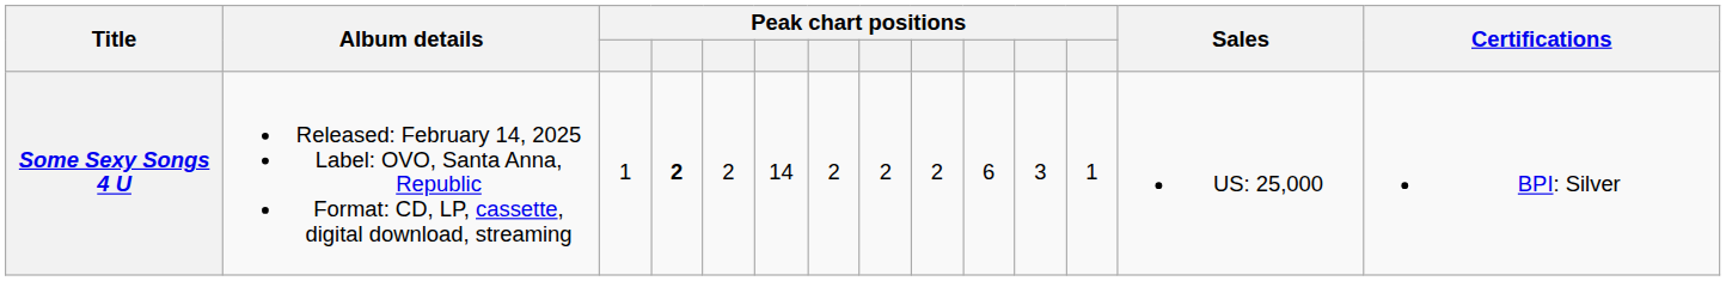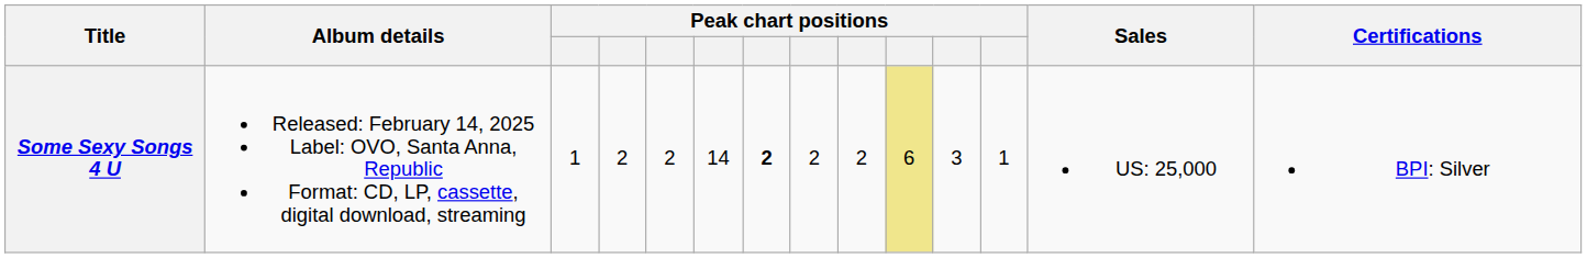 <table class="wikitable plainrowheaders" style="text-align:center;">
 <tr>
 <th scope="col" rowspan="2" style="width:11em;">Title</th>
 <th scope="col" rowspan="2" style="width:19em;">Album details</th>
 <th scope="col" colspan="10">Peak chart positions</th>
 <th scope="col" rowspan="2" style="width:12em;">Sales</th>
 <th scope="col" rowspan="2" style="width:18em;"><a href='#'>Certifications</a></th>
 </tr>
 <tr>
 <th scope="col" style="width:2.5em;font-size:90%;"><a href='#'></a><br></th>
 <th scope="col" style="width:2.5em;font-size:90%;"><a href='#'></a><br></th>
 <th scope="col" style="width:2.5em;font-size:90%;"><a href='#'></a><br></th>
 <th scope="col" style="width:2.5em;font-size:90%;"><a href='#'></a><br></th>
 <th scope="col" style="width:2.5em;font-size:90%;"><a href='#'></a><br></th>
 <th scope="col" style="width:2.5em;font-size:90%;"><a href='#'></a><br></th>
 <th scope="col" style="width:2.5em;font-size:90%;"><a href='#'></a><br></th>
 <th scope="col" style="width:2.5em;font-size:90%;"><a href='#'></a><br></th>
 <th scope="col" style="width:2.5em;font-size:90%;"><a href='#'></a><br></th>
 <th scope="col" style="width:2.5em;font-size:90%;"><a href='#'></a><br></th>
 </tr>
 <tr>
 <th scope="row"><em><a href='#'>Some Sexy Songs 4 U</a></em><br></th>
 <td><br><ul><li>Released: February 14, 2025</li><li>Label: OVO, Santa Anna, <a href='#'>Republic</a></li><li>Format: CD, LP, <a href='#'>cassette</a>, digital download, streaming</li></ul></td>
 <td>1</td>
-<td><strong>2<br></strong></td>
+<td>2<br></td>
 <td>2</td>
 <td>14<br></td>
+<td><strong>2<br></strong></td>
 <td>2<br></td>
 <td>2<br></td>
-<td>2<br></td>
-<td>6</td>
+<td style="background: khaki;">6</td>
 <td>3</td>
 <td>1</td>
 <td><br><ul><li>US: 25,000</li></ul></td>
 <td><br><ul><li><a href='#'>BPI</a>: Silver</li></ul></td>
 </tr>
 </table>
